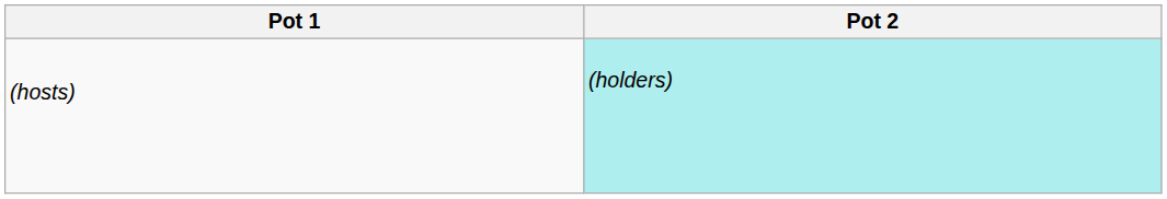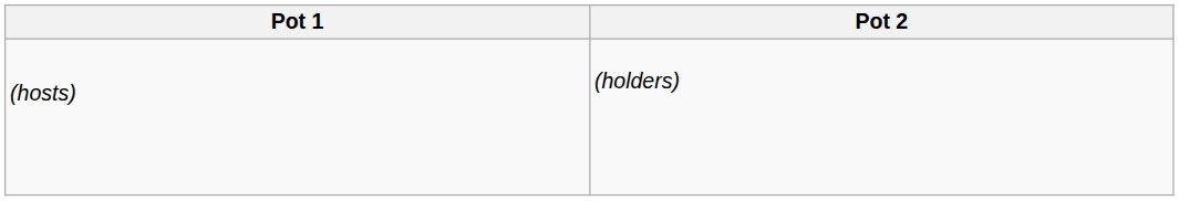 <table class="wikitable" style="width:98%;">
 <tr>
 <th width=25%>Pot 1</th>
 <th width=25%>Pot 2</th>
 </tr>
 <tr>
 <td><br> <em>(hosts)</em><br> <br> <br> <br> </td>
-<td style="background: paleturquoise;"><br> <em>(holders)</em><br> <br> <br> <br> <br> </td>
+<td><br> <em>(holders)</em><br> <br> <br> <br> <br> </td>
 </tr>
 </table>
